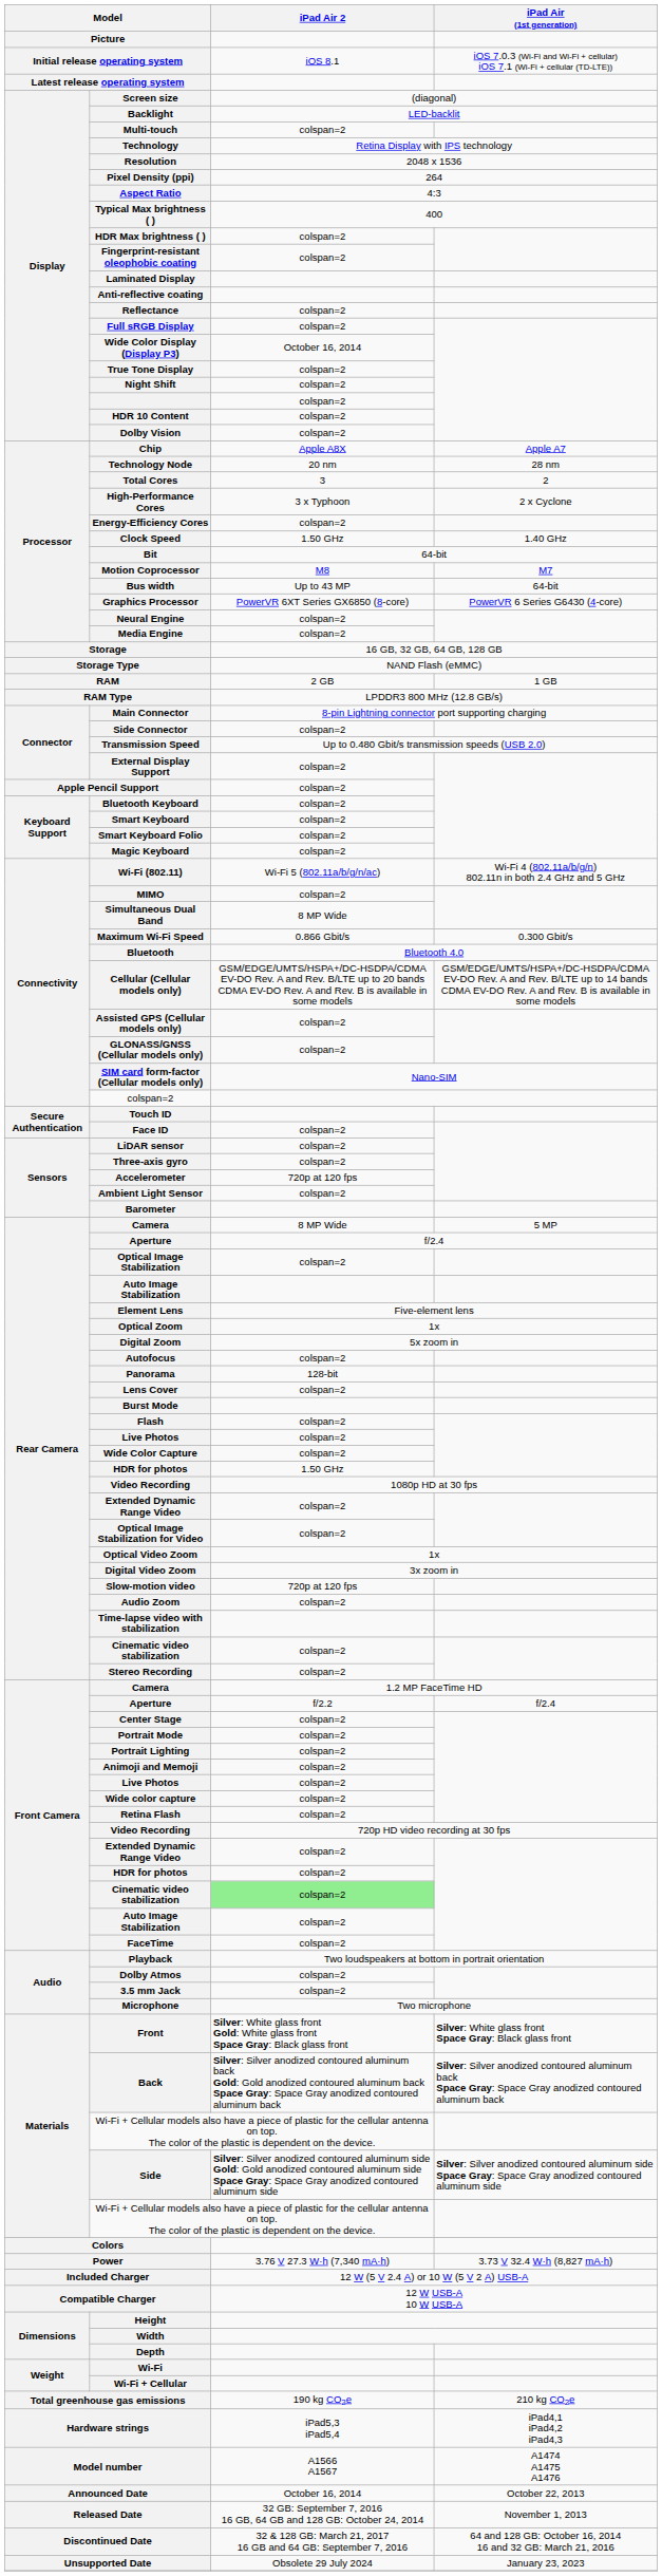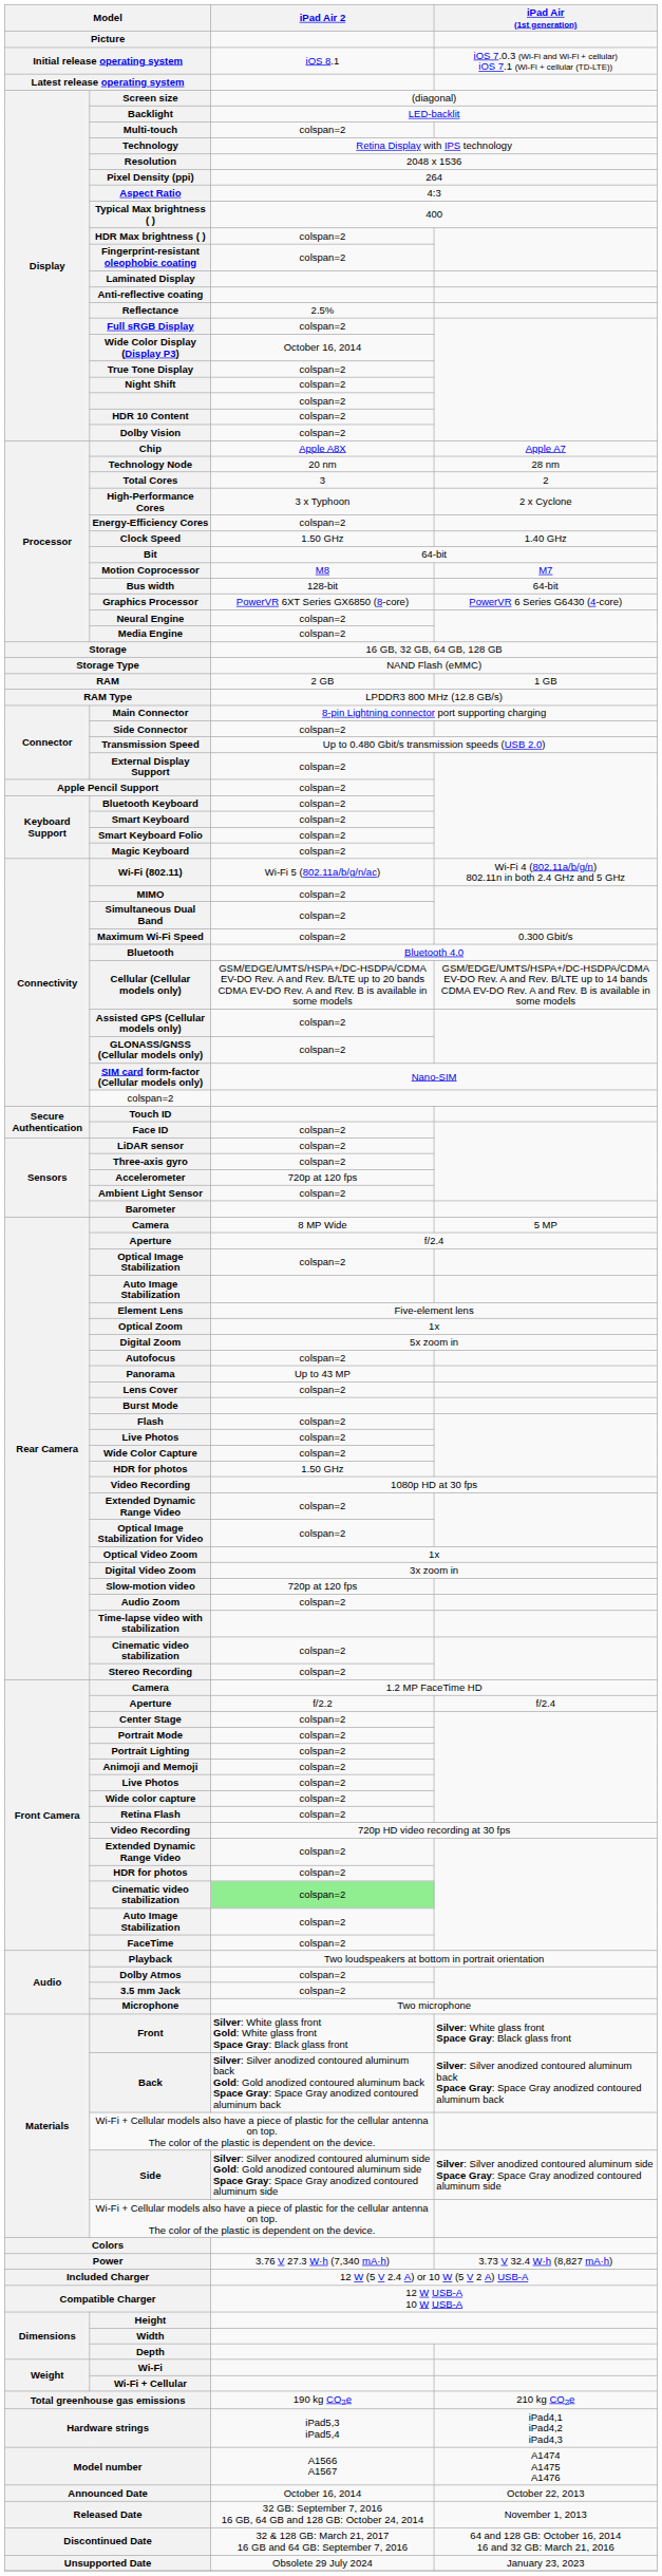 <table class="wikitable collapsible" style="text-align:center; width:100%; font-size: 85%">
 <tr>
 <th scope="colgroup" colspan=2>Model</th>
 <th scope="col"><a href='#'>iPad Air 2</a></th>
 <th scope="col"><a href='#'>iPad Air<br><small>(1st generation)</small></a></th>
 </tr>
 <tr>
 <th scope="row" colspan=2 >Picture</th>
 <td></td>
 <td></td>
 </tr>
 <tr>
 <th scope="row" colspan=2 >Initial release <a href='#'>operating system</a></th>
 <td><a href='#'>iOS 8</a>.1</td>
 <td><a href='#'>iOS 7</a>.0.3 <small>(Wi-Fi and Wi-Fi + cellular)</small><br><a href='#'>iOS 7</a>.1 <small>(Wi-Fi + cellular (TD-LTE))</small></td>
 </tr>
 <tr>
 <th scope="row" colspan=2 >Latest release <a href='#'>operating system</a></th>
 <td></td>
 <td></td>
 </tr>
 <tr>
 <th scope="rowgroup" rowspan=20 >Display</th>
 <th scope="row" >Screen size</th>
 <td colspan=2> (diagonal)</td>
 </tr>
 <tr>
 <th scope="row" >Backlight</th>
 <td colspan=2><a href='#'>LED-backlit</a></td>
 </tr>
 <tr>
 <th scope="row" >Multi-touch</th>
 <td>colspan=2 </td>
 </tr>
 <tr>
 <th scope="row" >Technology</th>
 <td colspan=2><a href='#'>Retina Display</a> with <a href='#'>IPS</a> technology</td>
 </tr>
 <tr>
 <th scope="row" >Resolution</th>
 <td colspan=2>2048 x 1536</td>
 </tr>
 <tr>
 <th scope="row" >Pixel Density (ppi)</th>
 <td colspan=2>264</td>
 </tr>
 <tr>
 <th scope="row" ><a href='#'>Aspect Ratio</a></th>
 <td colspan=2>4:3</td>
 </tr>
 <tr>
 <th scope="row" >Typical Max brightness ( )</th>
 <td colspan=2>400</td>
 </tr>
 <tr>
 <th scope="row" >HDR Max brightness ( )</th>
 <td>colspan=2 </td>
 </tr>
 <tr>
 <th scope="row" >Fingerprint-resistant <a href='#'>oleophobic coating</a></th>
 <td>colspan=2 </td>
 </tr>
 <tr>
 <th scope="row" >Laminated Display</th>
 <td></td>
 <td></td>
 </tr>
 <tr>
 <th scope="row" >Anti-reflective coating</th>
 <td></td>
 <td></td>
 </tr>
 <tr>
 <th scope="row" >Reflectance</th>
-<td>colspan=2 </td>
+<td>2.5%</td>
 <td></td>
 </tr>
 <tr>
 <th scope="row" ><a href='#'>Full sRGB Display</a></th>
 <td>colspan=2 </td>
 </tr>
 <tr>
 <th scope="row" >Wide Color Display (<a href='#'>Display P3</a>)</th>
 <td>October 16, 2014</td>
 </tr>
 <tr>
 <th scope="row" >True Tone Display</th>
 <td>colspan=2 </td>
 </tr>
 <tr>
 <th scope="row" >Night Shift</th>
 <td>colspan=2 </td>
 </tr>
 <tr>
 <th scope="row" ></th>
 <td>colspan=2 </td>
 </tr>
 <tr>
 <th scope="row" >HDR 10 Content</th>
 <td>colspan=2 </td>
 </tr>
 <tr>
 <th scope="row" >Dolby Vision</th>
 <td>colspan=2 </td>
 </tr>
 <tr>
 <th scope="rowgroup" rowspan=12 >Processor</th>
 <th scope="row" >Chip</th>
 <td><a href='#'>Apple A8X</a></td>
 <td><a href='#'>Apple A7</a></td>
 </tr>
 <tr>
 <th scope="row" >Technology Node</th>
 <td>20 nm</td>
 <td>28 nm</td>
 </tr>
 <tr>
 <th scope="row" >Total Cores</th>
 <td>3</td>
 <td>2</td>
 </tr>
 <tr>
 <th scope="row" >High-Performance Cores</th>
 <td>3 x Typhoon</td>
 <td>2 x Cyclone</td>
 </tr>
 <tr>
 <th scope="row" >Energy-Efficiency Cores</th>
 <td>colspan=2 </td>
 </tr>
 <tr>
 <th scope="row" >Clock Speed</th>
 <td>1.50 GHz</td>
 <td>1.40 GHz</td>
 </tr>
 <tr>
 <th scope="row" >Bit</th>
 <td colspan=2>64-bit</td>
 </tr>
 <tr>
 <th scope="row" >Motion Coprocessor</th>
 <td><a href='#'>M8</a></td>
 <td><a href='#'>M7</a></td>
 </tr>
 <tr>
 <th scope="row" >Bus width</th>
-<td>Up to 43 MP</td>
+<td>128-bit</td>
 <td>64-bit</td>
 </tr>
 <tr>
 <th scope="row" >Graphics Processor</th>
 <td><a href='#'>PowerVR</a> 6XT Series GX6850 (<a href='#'>8</a>-core)</td>
 <td><a href='#'>PowerVR</a> 6 Series G6430 (<a href='#'>4</a>-core)</td>
 </tr>
 <tr>
 <th scope="row" >Neural Engine</th>
 <td>colspan=2 </td>
 </tr>
 <tr>
 <th scope="row" >Media Engine</th>
 <td>colspan=2 </td>
 </tr>
 <tr>
 <th scope="row" colspan=2 >Storage</th>
 <td colspan=2>16 GB, 32 GB, 64 GB, 128 GB</td>
 </tr>
 <tr>
 <th scope="row" colspan=2 >Storage Type</th>
 <td colspan=2>NAND Flash (eMMC)</td>
 </tr>
 <tr>
 <th scope="row" colspan=2 >RAM</th>
 <td>2 GB</td>
 <td>1 GB</td>
 </tr>
 <tr>
 <th scope="row" colspan=2 >RAM Type</th>
 <td colspan=2>LPDDR3 800 MHz (12.8 GB/s)</td>
 </tr>
 <tr>
 <th scope="rowgroup" rowspan=4 >Connector</th>
 <th scope="row" >Main Connector</th>
 <td colspan=2><a href='#'>8-pin Lightning connector</a> port supporting charging</td>
 </tr>
 <tr>
 <th scope="row" >Side Connector</th>
 <td>colspan=2 </td>
 </tr>
 <tr>
 <th scope="row" >Transmission Speed</th>
 <td colspan=2>Up to 0.480 Gbit/s transmission speeds (<a href='#'>USB 2.0</a>)</td>
 </tr>
 <tr>
 <th scope="row" >External Display Support</th>
 <td>colspan=2 </td>
 </tr>
 <tr>
 <th scope="row" colspan=2 >Apple Pencil Support</th>
 <td>colspan=2 </td>
 </tr>
 <tr>
 <th scope="rowgroup" rowspan=4 >Keyboard Support</th>
 <th scope="row" >Bluetooth Keyboard</th>
 <td>colspan=2 </td>
 </tr>
 <tr>
 <th scope="row" >Smart Keyboard</th>
 <td>colspan=2 </td>
 </tr>
 <tr>
 <th scope="row" >Smart Keyboard Folio</th>
 <td>colspan=2 </td>
 </tr>
 <tr>
 <th scope="row" >Magic Keyboard</th>
 <td>colspan=2 </td>
 </tr>
 <tr>
 <th scope="rowgroup" rowspan=10 >Connectivity</th>
 <th scope="row" >Wi-Fi (802.11)</th>
 <td>Wi-Fi 5 (<a href='#'>802.11a/b/g/n/ac</a>)</td>
 <td>Wi-Fi 4 (<a href='#'>802.11a/b/g/n</a>)<br>802.11n in both 2.4 GHz and 5 GHz</td>
 </tr>
 <tr>
 <th scope="row" >MIMO</th>
 <td>colspan=2 </td>
 </tr>
 <tr>
 <th scope="row" >Simultaneous Dual Band</th>
-<td>8 MP Wide</td>
+<td>colspan=2 </td>
 </tr>
 <tr>
 <th scope="row" >Maximum Wi-Fi Speed</th>
-<td>0.866 Gbit/s</td>
+<td>colspan=2 </td>
 <td>0.300 Gbit/s</td>
 </tr>
 <tr>
 <th scope="row" >Bluetooth</th>
 <td colspan=2><a href='#'>Bluetooth 4.0</a></td>
 </tr>
 <tr>
 <th scope="row" >Cellular (Cellular models only)</th>
 <td>GSM/EDGE/UMTS/HSPA+/DC-HSDPA/CDMA EV-DO Rev. A and Rev. B/LTE up to 20 bands<br>CDMA EV-DO Rev. A and Rev. B is available in some models</td>
 <td>GSM/EDGE/UMTS/HSPA+/DC-HSDPA/CDMA EV-DO Rev. A and Rev. B/LTE up to 14 bands<br>CDMA EV-DO Rev. A and Rev. B is available in some models</td>
 </tr>
 <tr>
 <th scope="row" >Assisted GPS (Cellular models only)</th>
 <td>colspan=2 </td>
 </tr>
 <tr>
 <th scope="row" >GLONASS/GNSS (Cellular models only)</th>
 <td>colspan=2 </td>
 </tr>
 <tr>
 <th scope="rowgroup" ><a href='#'>SIM card</a> form-factor (Cellular models only)</th>
 <td colspan=2><a href='#'>Nano-SIM</a></td>
 </tr>
 <tr>
 <td>colspan=2 </td>
 </tr>
 <tr>
 <th scope="rowgroup" rowspan=2 >Secure Authentication</th>
 <th scope="row" >Touch ID</th>
 <td></td>
 <td></td>
 </tr>
 <tr>
 <th scope="row" >Face ID</th>
 <td>colspan=2 </td>
 </tr>
 <tr>
 <th scope="rowgroup" rowspan=5 >Sensors</th>
 <th scope="row" >LiDAR sensor</th>
 <td>colspan=2 </td>
 </tr>
 <tr>
 <th scope="row" >Three-axis gyro</th>
 <td>colspan=2 </td>
 </tr>
 <tr>
 <th scope="row" >Accelerometer</th>
 <td>720p at 120 fps</td>
 </tr>
 <tr>
 <th scope="row" >Ambient Light Sensor</th>
 <td>colspan=2 </td>
 </tr>
 <tr>
 <th scope="row" >Barometer</th>
 <td></td>
 <td></td>
 </tr>
 <tr>
 <th scope="rowgroup" rowspan=25 >Rear Camera</th>
 <th scope="row" >Camera</th>
 <td>8 MP Wide</td>
 <td>5 MP</td>
 </tr>
 <tr>
 <th scope="row" >Aperture</th>
 <td colspan=2>f/2.4</td>
 </tr>
 <tr>
 <th scope="row" >Optical Image Stabilization</th>
 <td>colspan=2 </td>
 </tr>
 <tr>
 <th scope="row" >Auto Image Stabilization</th>
 <td></td>
 <td></td>
 </tr>
 <tr>
 <th scope="row" >Element Lens</th>
 <td colspan=2>Five-element lens</td>
 </tr>
 <tr>
 <th scope="row" >Optical Zoom</th>
 <td colspan=2>1x</td>
 </tr>
 <tr>
 <th scope="row" >Digital Zoom</th>
 <td colspan=2>5x zoom in</td>
 </tr>
 <tr>
 <th scope="row" >Autofocus</th>
 <td>colspan=2 </td>
 </tr>
 <tr>
 <th scope="row" >Panorama</th>
-<td>128-bit</td>
+<td>Up to 43 MP</td>
 <td></td>
 </tr>
 <tr>
 <th scope="row" >Lens Cover</th>
 <td>colspan=2 </td>
 </tr>
 <tr>
 <th scope="row" >Burst Mode</th>
 <td></td>
 <td></td>
 </tr>
 <tr>
 <th scope="row" >Flash</th>
 <td>colspan=2 </td>
 </tr>
 <tr>
 <th scope="row" >Live Photos</th>
 <td>colspan=2 </td>
 </tr>
 <tr>
 <th scope="row" >Wide Color Capture</th>
 <td>colspan=2 </td>
 </tr>
 <tr>
 <th scope="row" >HDR for photos</th>
 <td>1.50 GHz</td>
 </tr>
 <tr>
 <th scope="row" >Video Recording</th>
 <td colspan=2>1080p HD at 30 fps</td>
 </tr>
 <tr>
 <th scope="row" >Extended Dynamic Range Video</th>
 <td>colspan=2 </td>
 </tr>
 <tr>
 <th scope="row" >Optical Image Stabilization for Video</th>
 <td>colspan=2 </td>
 </tr>
 <tr>
 <th scope="row" >Optical Video Zoom</th>
 <td colspan=2>1x</td>
 </tr>
 <tr>
 <th scope="row" >Digital Video Zoom</th>
 <td colspan=2>3x zoom in</td>
 </tr>
 <tr>
 <th scope="row" >Slow-motion video</th>
 <td>720p at 120 fps</td>
 <td></td>
 </tr>
 <tr>
 <th scope="row" >Audio Zoom</th>
 <td>colspan=2 </td>
 </tr>
 <tr>
 <th scope="row" >Time-lapse video with stabilization</th>
 <td></td>
 <td></td>
 </tr>
 <tr>
 <th scope="row" >Cinematic video stabilization</th>
 <td>colspan=2 </td>
 </tr>
 <tr>
 <th scope="row" >Stereo Recording</th>
 <td>colspan=2 </td>
 </tr>
 <tr>
 <th scope="rowgroup" rowspan=15 >Front Camera</th>
 <th scope="row" >Camera</th>
 <td colspan=2>1.2 MP FaceTime HD</td>
 </tr>
 <tr>
 <th scope="row" >Aperture</th>
 <td>f/2.2</td>
 <td>f/2.4</td>
 </tr>
 <tr>
 <th scope="row" >Center Stage</th>
 <td>colspan=2 </td>
 </tr>
 <tr>
 <th scope="row" >Portrait Mode</th>
 <td>colspan=2 </td>
 </tr>
 <tr>
 <th scope="row" >Portrait Lighting</th>
 <td>colspan=2 </td>
 </tr>
 <tr>
 <th scope="row" >Animoji and Memoji</th>
 <td>colspan=2 </td>
 </tr>
 <tr>
 <th scope="row" >Live Photos</th>
 <td>colspan=2 </td>
 </tr>
 <tr>
 <th scope="row" >Wide color capture</th>
 <td>colspan=2 </td>
 </tr>
 <tr>
 <th scope="row" >Retina Flash</th>
 <td>colspan=2 </td>
 </tr>
 <tr>
 <th scope="row" >Video Recording</th>
 <td colspan=2>720p HD video recording at 30 fps</td>
 </tr>
 <tr>
 <th scope="row" >Extended Dynamic Range Video</th>
 <td>colspan=2 </td>
 </tr>
 <tr>
 <th scope="row" >HDR for photos</th>
 <td>colspan=2 </td>
 </tr>
 <tr>
 <th scope="row" >Cinematic video stabilization</th>
 <td style="background: lightgreen;">colspan=2 </td>
 </tr>
 <tr>
 <th scope="row" >Auto Image Stabilization</th>
 <td>colspan=2 </td>
 </tr>
 <tr>
 <th scope="row" >FaceTime</th>
 <td>colspan=2 </td>
 </tr>
 <tr>
 <th scope="rowgroup" rowspan=4 >Audio</th>
 <th scope="row" >Playback</th>
 <td colspan=2>Two loudspeakers at bottom in portrait orientation</td>
 </tr>
 <tr>
 <th scope="row" >Dolby Atmos</th>
 <td>colspan=2 </td>
 </tr>
 <tr>
 <th scope="row" >3.5 mm Jack</th>
 <td>colspan=2 </td>
 </tr>
 <tr>
 <th scope="row" >Microphone</th>
 <td colspan=2>Two microphone</td>
 </tr>
 <tr>
 <th scope="rowgroup" rowspan=5 >Materials</th>
 <th scope="row" >Front</th>
 <td style="text-align:left;"><strong>Silver</strong>: White glass front<br><strong>Gold</strong>: White glass front<br><strong>Space Gray</strong>: Black glass front</td>
 <td style="text-align:left;"><strong>Silver</strong>: White glass front<br><strong>Space Gray</strong>: Black glass front</td>
 </tr>
 <tr>
 <th scope="row" >Back</th>
 <td style="text-align:left;"><strong>Silver</strong>: Silver anodized contoured aluminum back<br><strong>Gold</strong>: Gold anodized contoured aluminum back<br><strong>Space Gray</strong>: Space Gray anodized contoured aluminum back</td>
 <td style="text-align:left;"><strong>Silver</strong>: Silver anodized contoured aluminum back<br><strong>Space Gray</strong>: Space Gray anodized contoured aluminum back</td>
 </tr>
 <tr>
 <td colspan=2>Wi-Fi + Cellular models also have a piece of plastic for the cellular antenna on top. <br>The color of the plastic is dependent on the device.</td>
 </tr>
 <tr>
 <th scope="row" >Side</th>
 <td style="text-align:left;"><strong>Silver</strong>: Silver anodized contoured aluminum side<br><strong>Gold</strong>: Gold anodized contoured aluminum side<br><strong>Space Gray</strong>: Space Gray anodized contoured aluminum side</td>
 <td style="text-align:left;"><strong>Silver</strong>: Silver anodized contoured aluminum side<br><strong>Space Gray</strong>: Space Gray anodized contoured aluminum side</td>
 </tr>
 <tr>
 <td colspan=2>Wi-Fi + Cellular models also have a piece of plastic for the cellular antenna on top. <br>The color of the plastic is dependent on the device.</td>
 </tr>
 <tr>
 <th scope="row" colspan=2 >Colors</th>
 <td><span></span> <span></span> <span></span></td>
 <td><span></span> <span></span></td>
 </tr>
 <tr>
 <th scope="row" colspan=2 >Power</th>
 <td>3.76 <a href='#'>V</a> 27.3 <a href='#'>W·h</a> (7,340 <a href='#'>mA·h</a>)</td>
 <td>3.73 <a href='#'>V</a> 32.4 <a href='#'>W·h</a> (8,827 <a href='#'>mA·h</a>)</td>
 </tr>
 <tr>
 <th scope="row" colspan=2 >Included Charger</th>
 <td colspan=2>12 <a href='#'>W</a> (5 <a href='#'>V</a> 2.4 <a href='#'>A</a>) or 10 <a href='#'>W</a> (5 <a href='#'>V</a> 2 <a href='#'>A</a>) <a href='#'>USB-A</a></td>
 </tr>
 <tr>
 <th scope="row" colspan=2 >Compatible Charger</th>
 <td colspan=2>12 <a href='#'>W</a> <a href='#'>USB-A</a><br>10 <a href='#'>W</a> <a href='#'>USB-A</a></td>
 </tr>
 <tr>
 <th scope="rowgroup" rowspan=3 >Dimensions</th>
 <th>Height</th>
 <td colspan=2></td>
 </tr>
 <tr>
 <th scope="row" >Width</th>
 <td colspan=2></td>
 </tr>
 <tr>
 <th scope="row" >Depth</th>
 <td></td>
 <td></td>
 </tr>
 <tr>
 <th scope="rowgroup" rowspan=2 >Weight</th>
 <th scope="row" >Wi-Fi</th>
 <td></td>
 <td></td>
 </tr>
 <tr>
 <th scope="row" >Wi-Fi + Cellular</th>
 <td></td>
 <td></td>
 </tr>
 <tr>
 <th scope="row" colspan=2 >Total greenhouse gas emissions</th>
 <td>190 kg <a href='#'>CO<sub>2</sub>e</a></td>
 <td>210 kg <a href='#'>CO<sub>2</sub>e</a></td>
 </tr>
 <tr>
 <th scope="row" colspan=2 >Hardware strings</th>
 <td>iPad5,3<br>iPad5,4</td>
 <td>iPad4,1<br>iPad4,2<br>iPad4,3</td>
 </tr>
 <tr>
 <th scope="row" colspan=2 >Model number</th>
 <td>A1566<br>A1567</td>
 <td>A1474<br>A1475<br>A1476</td>
 </tr>
 <tr>
 <th scope="row" colspan=2 >Announced Date</th>
 <td>October 16, 2014</td>
 <td>October 22, 2013</td>
 </tr>
 <tr>
 <th scope="row" colspan=2 >Released Date</th>
 <td>32 GB: September 7, 2016<br>16 GB, 64 GB and 128 GB: October 24, 2014<br></td>
 <td>November 1, 2013</td>
 </tr>
 <tr>
 <th scope="row" colspan=2 >Discontinued Date</th>
 <td>32 & 128 GB: March 21, 2017<br>16 GB and 64 GB: September 7, 2016<br></td>
 <td>64 and 128 GB: October 16, 2014<br>16 and 32 GB: March 21, 2016</td>
 </tr>
 <tr>
 <th scope="row" colspan=2 >Unsupported Date</th>
 <td>Obsolete 29 July 2024</td>
 <td>January 23, 2023</td>
 </tr>
 <tr>
 </tr>
 </table>
